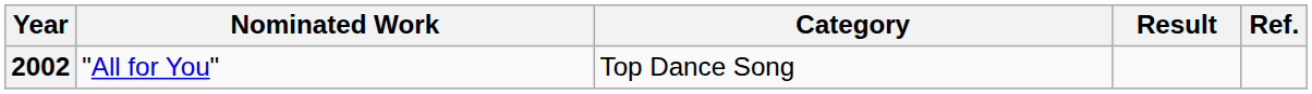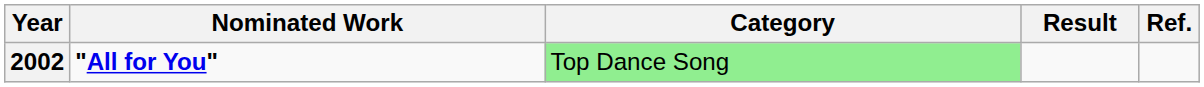 <table class="wikitable" width="50%">
 <tr>
 <th width="5%">Year</th>
 <th width="40%">Nominated Work</th>
 <th width="40%">Category</th>
 <th width="10%">Result</th>
 <th width="5%">Ref.</th>
 </tr>
 <tr>
 <th>2002</th>
-<td>"<a href='#'>All for You</a>"</td>
-<td>Top Dance Song</td>
+<td><strong>"<a href='#'>All for You</a>"</strong></td>
+<td style="background: lightgreen;">Top Dance Song</td>
 <td></td>
 <td></td>
 </tr>
 </table>
